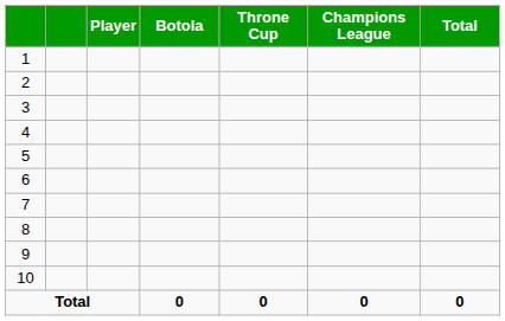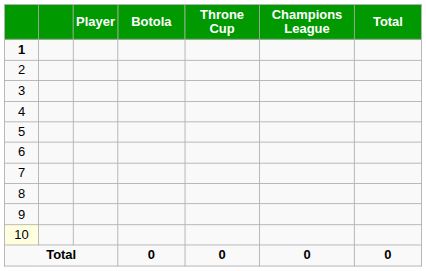 <table class="wikitable sortable" style="text-align:center">
 <tr>
 <th style="background:#009900; color:white; width:35px;"></th>
 <th style="background:#009900; color:white; width:35px;"></th>
 <th style="background:#009900; color:white;">Player</th>
 <th style="background:#009900; color:white; width:75px;">Botola</th>
 <th style="background:#009900; color:white; width:85px;">Throne Cup</th>
 <th style="background:#009900; color:white; width:110px;">Champions League</th>
 <th style="background:#009900; color:white; width:75px;">Total</th>
 </tr>
 <tr>
-<td rowspan="-">1</td>
+<td rowspan="-"><strong>1</strong></td>
 <td></td>
 <td style="text-align:left;"></td>
 <td rowspan="-"></td>
 <td rowspan="-"></td>
 <td rowspan="-"></td>
 <td rowspan="-"></td>
 </tr>
 <tr>
 <td rowspan="-">2</td>
 <td></td>
 <td style="text-align:left;"></td>
 <td rowspan="-"></td>
 <td rowspan="-"></td>
 <td rowspan="-"></td>
 <td rowspan="-"></td>
 </tr>
 <tr>
 <td rowspan="-">3</td>
 <td></td>
 <td style="text-align:left;"></td>
 <td rowspan="-"></td>
 <td rowspan="-"></td>
 <td rowspan="-"></td>
 <td rowspan="-"></td>
 </tr>
 <tr>
 <td rowspan="-">4</td>
 <td></td>
 <td style="text-align:left;"></td>
 <td rowspan="-"></td>
 <td rowspan="-"></td>
 <td rowspan="-"></td>
 <td rowspan="-"></td>
 </tr>
 <tr>
 <td rowspan="-">5</td>
 <td></td>
 <td style="text-align:left;"></td>
 <td rowspan="-"></td>
 <td rowspan="-"></td>
 <td rowspan="-"></td>
 <td rowspan="-"></td>
 </tr>
 <tr>
 <td rowspan="-">6</td>
 <td></td>
 <td style="text-align:left;"></td>
 <td></td>
 <td></td>
 <td></td>
 <td></td>
 </tr>
 <tr>
 <td rowspan="-">7</td>
 <td></td>
 <td style="text-align:left;"></td>
 <td rowspan="-"></td>
 <td rowspan="-"></td>
 <td rowspan="-"></td>
 <td rowspan="-"></td>
 </tr>
 <tr>
 <td>8</td>
 <td></td>
 <td style="text-align:left;"></td>
 <td></td>
 <td></td>
 <td></td>
 <td></td>
 </tr>
 <tr>
 <td>9</td>
 <td></td>
 <td style="text-align:left;"></td>
 <td></td>
 <td></td>
 <td></td>
 <td></td>
 </tr>
 <tr>
-<td>10</td>
+<td style="background: lightyellow;">10</td>
 <td></td>
 <td style="text-align:left;"></td>
 <td></td>
 <td></td>
 <td></td>
 <td></td>
 </tr>
 <tr class="sortbottom">
 <td colspan="3"><strong>Total</strong></td>
 <td rowspan="-"><strong>0</strong></td>
 <td rowspan="-"><strong>0</strong></td>
 <td rowspan="-"><strong>0</strong></td>
 <td rowspan="-"><strong>0</strong></td>
 </tr>
 </table>
